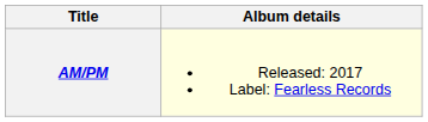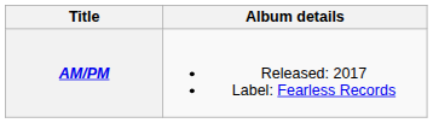 <table class="wikitable plainrowheaders" style="text-align:center;">
 <tr>
 <th scope="col" style="width:10em;">Title</th>
 <th scope="col" style="width:17em;">Album details</th>
 </tr>
 <tr>
 <th scope="row"><em><a href='#'>AM/PM</a></em></th>
-<td style="background: lightyellow;"><br><ul><li>Released: 2017</li><li>Label: <a href='#'>Fearless Records</a></li></ul></td>
+<td><br><ul><li>Released: 2017</li><li>Label: <a href='#'>Fearless Records</a></li></ul></td>
 </tr>
 </table>
